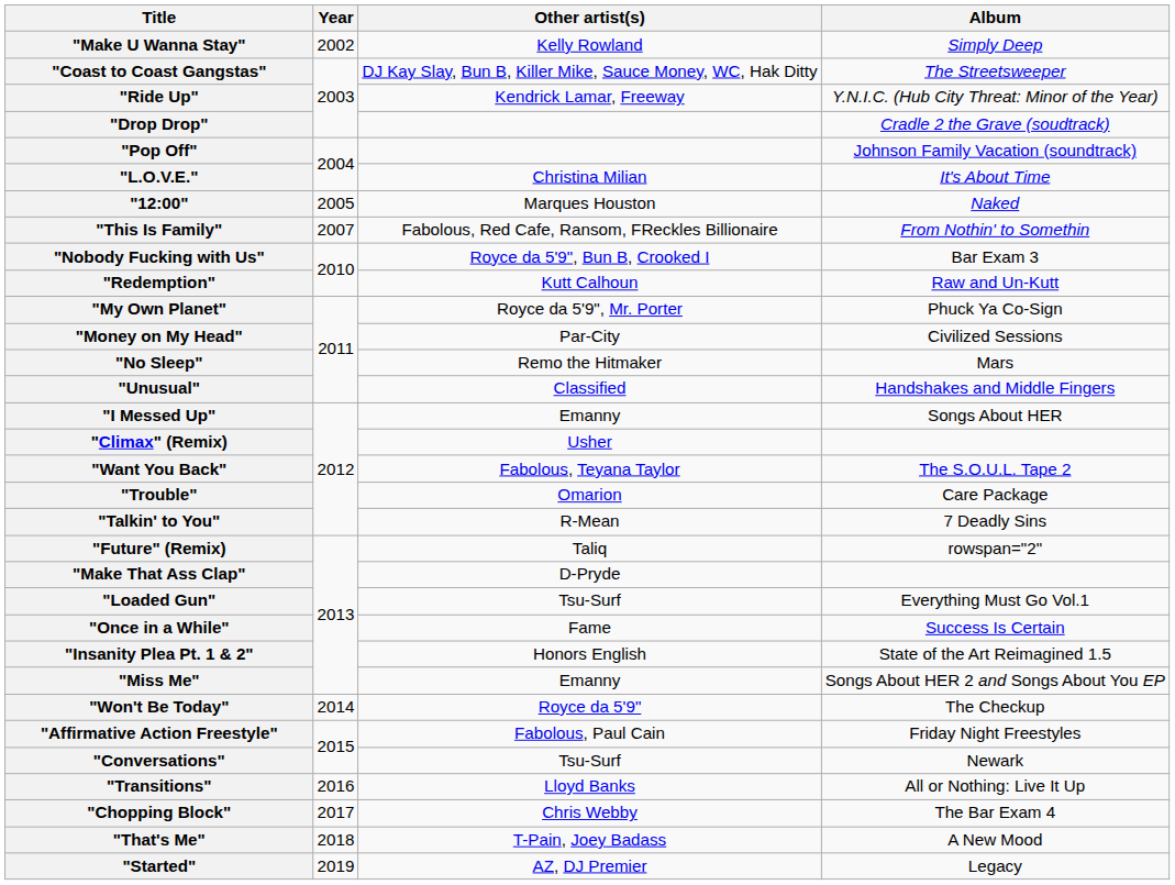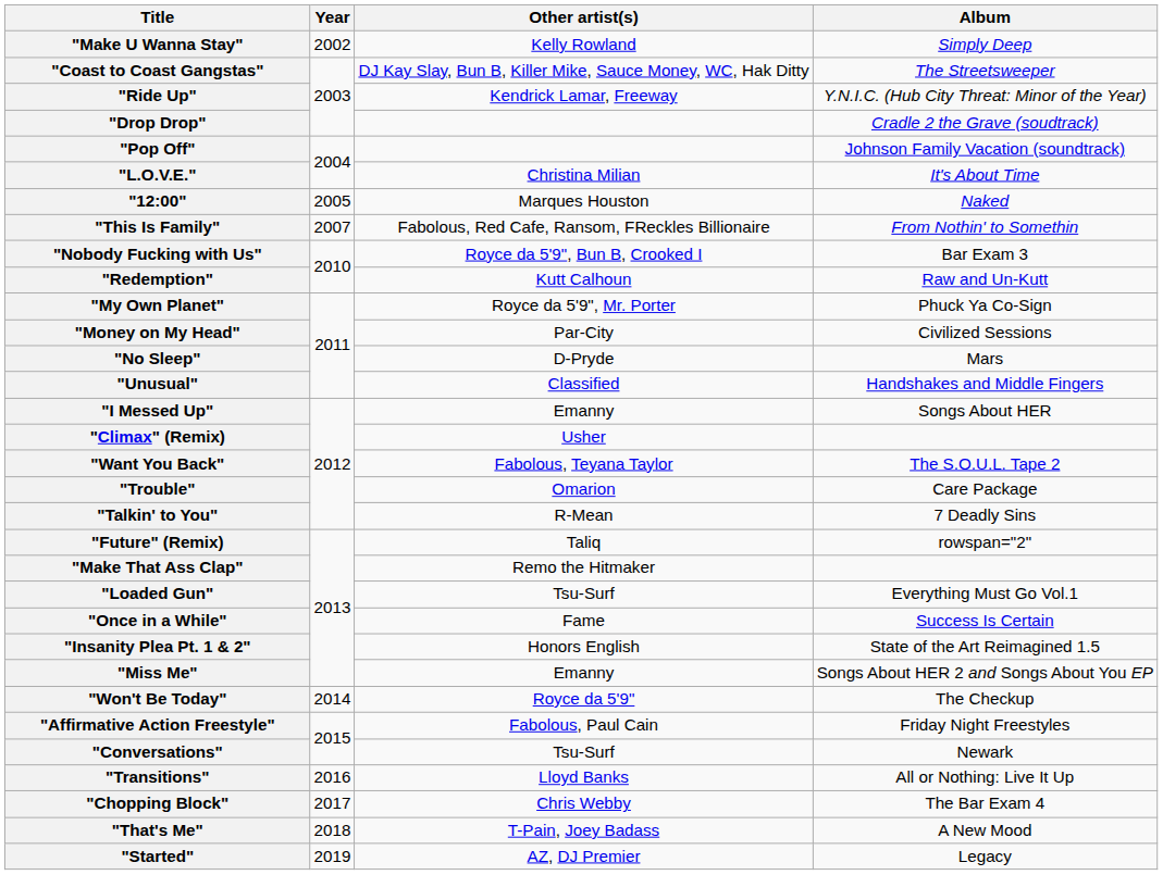 <table class="wikitable plainrowheaders" style="text-align:center;">
 <tr>
 <th scope="col" style="width:18em;">Title</th>
 <th scope="col">Year</th>
 <th scope="col">Other artist(s)</th>
 <th scope="col">Album</th>
 </tr>
 <tr>
 <th scope="row">"Make U Wanna Stay"</th>
 <td>2002</td>
 <td><a href='#'>Kelly Rowland</a></td>
 <td><em><a href='#'>Simply Deep</a></em></td>
 </tr>
 <tr>
 <th scope="row">"Coast to Coast Gangstas"</th>
 <td rowspan="3">2003</td>
 <td><a href='#'>DJ Kay Slay</a>, <a href='#'>Bun B</a>, <a href='#'>Killer Mike</a>, <a href='#'>Sauce Money</a>, <a href='#'>WC</a>,  Hak Ditty</td>
 <td><em><a href='#'>The Streetsweeper</a></em></td>
 </tr>
 <tr>
 <th scope="row">"Ride Up"</th>
 <td><a href='#'>Kendrick Lamar</a>, <a href='#'>Freeway</a></td>
 <td><em>Y.N.I.C. (Hub City Threat: Minor of the Year)</em></td>
 </tr>
 <tr>
 <th scope="row">"Drop Drop"</th>
 <td></td>
 <td><em><a href='#'>Cradle 2 the Grave (soudtrack)</a></em></td>
 </tr>
 <tr>
 <th>"Pop Off"</th>
 <td rowspan="2">2004</td>
 <td></td>
 <td><a href='#'>Johnson Family Vacation (soundtrack)</a></td>
 </tr>
 <tr>
 <th scope="row">"L.O.V.E."</th>
 <td><a href='#'>Christina Milian</a></td>
 <td><em><a href='#'>It's About Time</a></em></td>
 </tr>
 <tr>
 <th scope="row">"12:00"</th>
 <td>2005</td>
 <td>Marques Houston</td>
 <td><em><a href='#'>Naked</a></em></td>
 </tr>
 <tr>
 <th>"This Is Family"</th>
 <td>2007</td>
 <td>Fabolous, Red Cafe, Ransom, FReckles Billionaire</td>
 <td><a href='#'><em>From Nothin' to Somethin<strong></a></td>
 </tr>
 <tr>
 <th scope="row">"Nobody Fucking with Us"</th>
 <td rowspan="2">2010</td>
 <td><a href='#'>Royce da 5'9"</a>, <a href='#'>Bun B</a>, <a href='#'>Crooked I</a></td>
 <td></em>Bar Exam 3<em></td>
 </tr>
 <tr>
 <th scope="row">"Redemption"</th>
 <td><a href='#'>Kutt Calhoun</a></td>
 <td></em><a href='#'>Raw and Un-Kutt</a><em></td>
 </tr>
 <tr>
 <th scope="row">"My Own Planet"</th>
 <td rowspan="4">2011</td>
 <td>Royce da 5'9", <a href='#'>Mr. Porter</a></td>
 <td></em>Phuck Ya Co-Sign<em></td>
 </tr>
 <tr>
 <th scope="row">"Money on My Head"</th>
 <td>Par-City</td>
 <td></em>Civilized Sessions<em></td>
 </tr>
 <tr>
 <th scope="row">"No Sleep"</th>
-<td>Remo the Hitmaker</td>
+<td>D-Pryde</td>
 <td></em>Mars<em></td>
 </tr>
 <tr>
 <th scope="row">"Unusual"</th>
 <td><a href='#'>Classified</a></td>
 <td></em><a href='#'>Handshakes and Middle Fingers</a><em></td>
 </tr>
 <tr>
 <th scope="row">"I Messed Up"</th>
 <td rowspan="5">2012</td>
 <td>Emanny</td>
 <td></em>Songs About HER<em></td>
 </tr>
 <tr>
 <th scope="row">"<a href='#'>Climax</a>" (Remix)</th>
 <td><a href='#'>Usher</a></td>
 <td></td>
 </tr>
 <tr>
 <th scope="row">"Want You Back"</th>
 <td><a href='#'>Fabolous</a>, <a href='#'>Teyana Taylor</a></td>
 <td></em><a href='#'>The S.O.U.L. Tape 2</a><em></td>
 </tr>
 <tr>
 <th scope="row">"Trouble"</th>
 <td><a href='#'>Omarion</a></td>
 <td></em>Care Package<em></td>
 </tr>
 <tr>
 <th scope="row">"Talkin' to You"</th>
 <td>R-Mean</td>
 <td></em>7 Deadly Sins<em></td>
 </tr>
 <tr>
 <th scope="row">"Future" (Remix)</th>
 <td rowspan="6">2013</td>
 <td>Taliq</td>
 <td>rowspan="2" </td>
 </tr>
 <tr>
 <th scope="row">"Make That Ass Clap"</th>
-<td>D-Pryde</td>
+<td>Remo the Hitmaker</td>
 </tr>
 <tr>
 <th scope="row">"Loaded Gun"</th>
 <td>Tsu-Surf</td>
 <td></em>Everything Must Go Vol.1<em></td>
 </tr>
 <tr>
 <th scope="row">"Once in a While"</th>
 <td>Fame</td>
 <td></em><a href='#'>Success Is Certain</a><em></td>
 </tr>
 <tr>
 <th scope="row">"Insanity Plea Pt. 1 & 2"</th>
 <td>Honors English</td>
 <td></em>State of the Art Reimagined 1.5<em></td>
 </tr>
 <tr>
 <th scope="row">"Miss Me"</th>
 <td>Emanny</td>
 <td></em>Songs About HER 2<em> and </em>Songs About You<em> EP</td>
 </tr>
 <tr>
 <th scope="row">"Won't Be Today"</th>
 <td>2014</td>
 <td><a href='#'>Royce da 5'9"</a></td>
 <td></em>The Checkup<em></td>
 </tr>
 <tr>
 <th scope="row">"Affirmative Action Freestyle"</th>
 <td rowspan="2">2015</td>
 <td><a href='#'>Fabolous</a>, Paul Cain</td>
 <td></em>Friday Night Freestyles<em></td>
 </tr>
 <tr>
 <th scope="row">"Conversations"</th>
 <td>Tsu-Surf</td>
 <td></em>Newark<em></td>
 </tr>
 <tr>
 <th scope="row">"Transitions"</th>
 <td>2016</td>
 <td><a href='#'>Lloyd Banks</a></td>
 <td></em>All or Nothing: Live It Up<em></td>
 </tr>
 <tr>
 <th scope="row">"Chopping Block"</th>
 <td>2017</td>
 <td><a href='#'>Chris Webby</a></td>
 <td></em>The Bar Exam 4<em></td>
 </tr>
 <tr>
 <th scope="row">"That's Me"</th>
 <td>2018</td>
 <td><a href='#'>T-Pain</a>, <a href='#'>Joey Badass</a></td>
 <td></em>A New Mood<em></td>
 </tr>
 <tr>
 <th scope="row">"Started"</th>
 <td>2019</td>
 <td><a href='#'>AZ</a>, <a href='#'>DJ Premier</a></td>
 <td></em>Legacy<em></td>
 </tr>
 </table>
